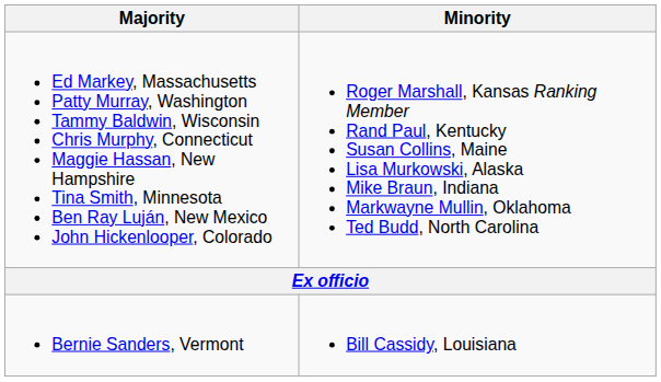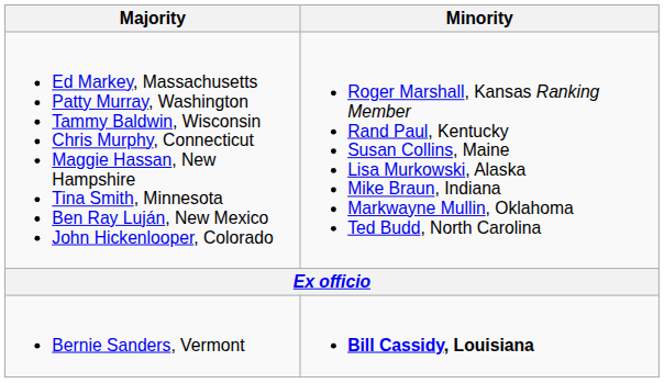 <table class=wikitable>
 <tr>
 <th>Majority</th>
 <th>Minority</th>
 </tr>
 <tr>
 <td><br><ul><li><a href='#'>Ed Markey</a>, Massachusetts</li><li><a href='#'>Patty Murray</a>, Washington</li><li><a href='#'>Tammy Baldwin</a>, Wisconsin</li><li><a href='#'>Chris Murphy</a>, Connecticut</li><li><a href='#'>Maggie Hassan</a>, New Hampshire</li><li><a href='#'>Tina Smith</a>, Minnesota</li><li><a href='#'>Ben Ray Luján</a>, New Mexico</li><li><a href='#'>John Hickenlooper</a>, Colorado</li></ul></td>
 <td><br><ul><li><a href='#'>Roger Marshall</a>, Kansas <em>Ranking Member</em></li><li><a href='#'>Rand Paul</a>, Kentucky</li><li><a href='#'>Susan Collins</a>, Maine</li><li><a href='#'>Lisa Murkowski</a>, Alaska</li><li><a href='#'>Mike Braun</a>, Indiana</li><li><a href='#'>Markwayne Mullin</a>, Oklahoma</li><li><a href='#'>Ted Budd</a>, North Carolina</li></ul></td>
 </tr>
 <tr>
 <th colspan=2><em><a href='#'>Ex officio</a></em></th>
 </tr>
 <tr>
 <td><br><ul><li><span><a href='#'>Bernie Sanders</a>, Vermont</span></li></ul></td>
-<td><br><ul><li><a href='#'>Bill Cassidy</a>, Louisiana</li></ul></td>
+<td><strong><br><ul><li><a href='#'>Bill Cassidy</a>, Louisiana</li></ul></strong></td>
 </tr>
 </table>
